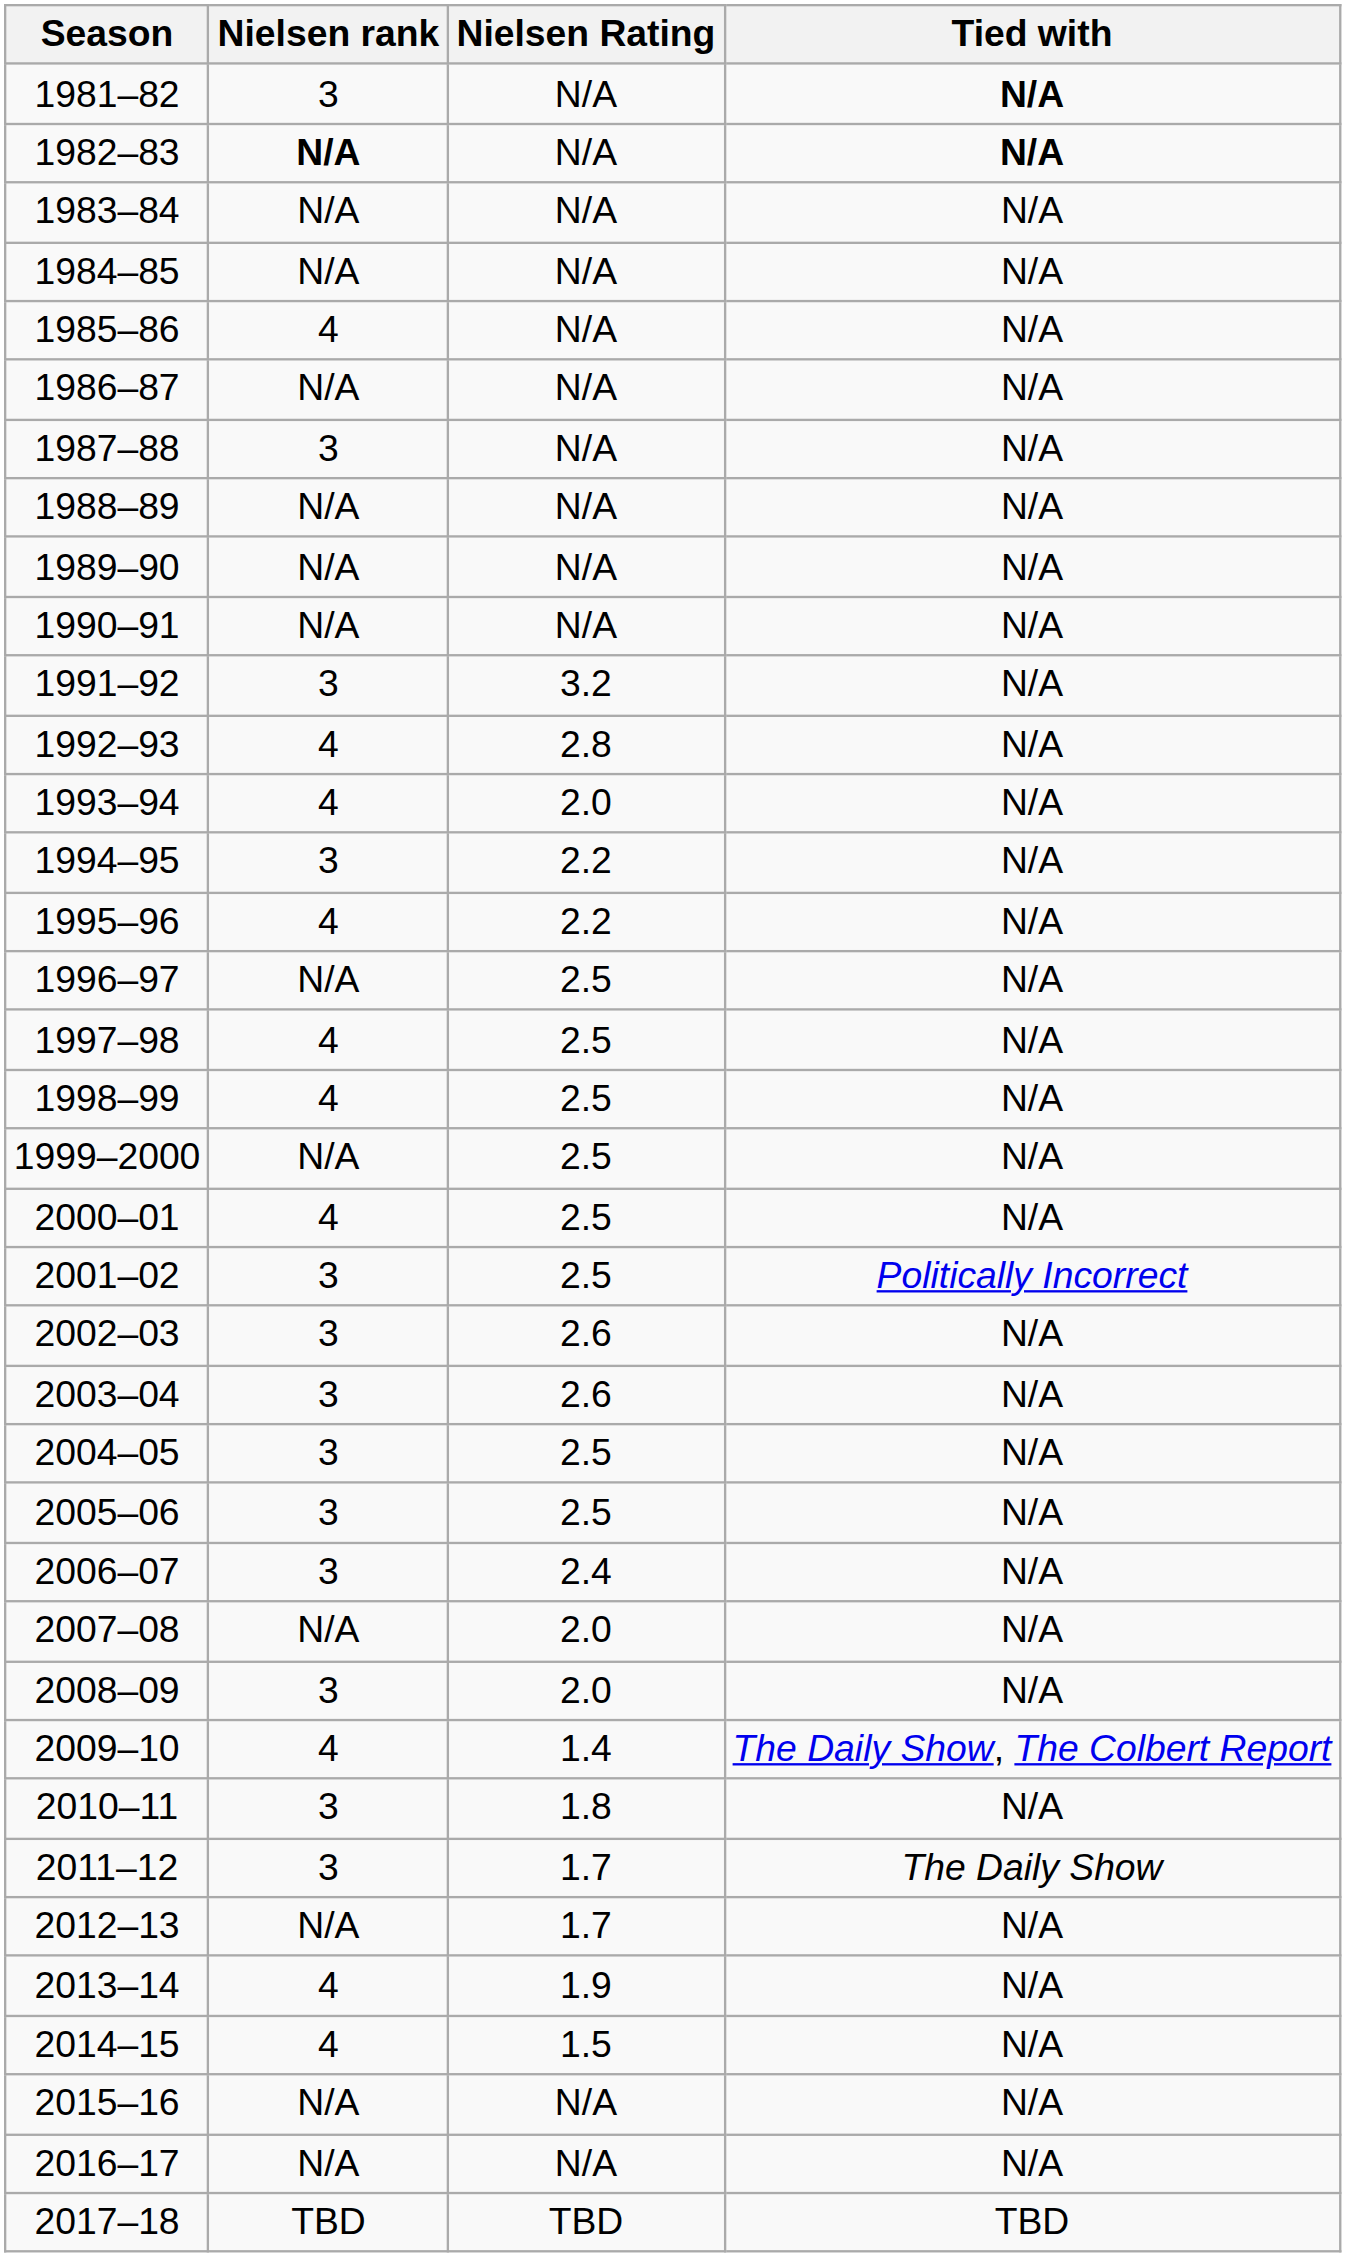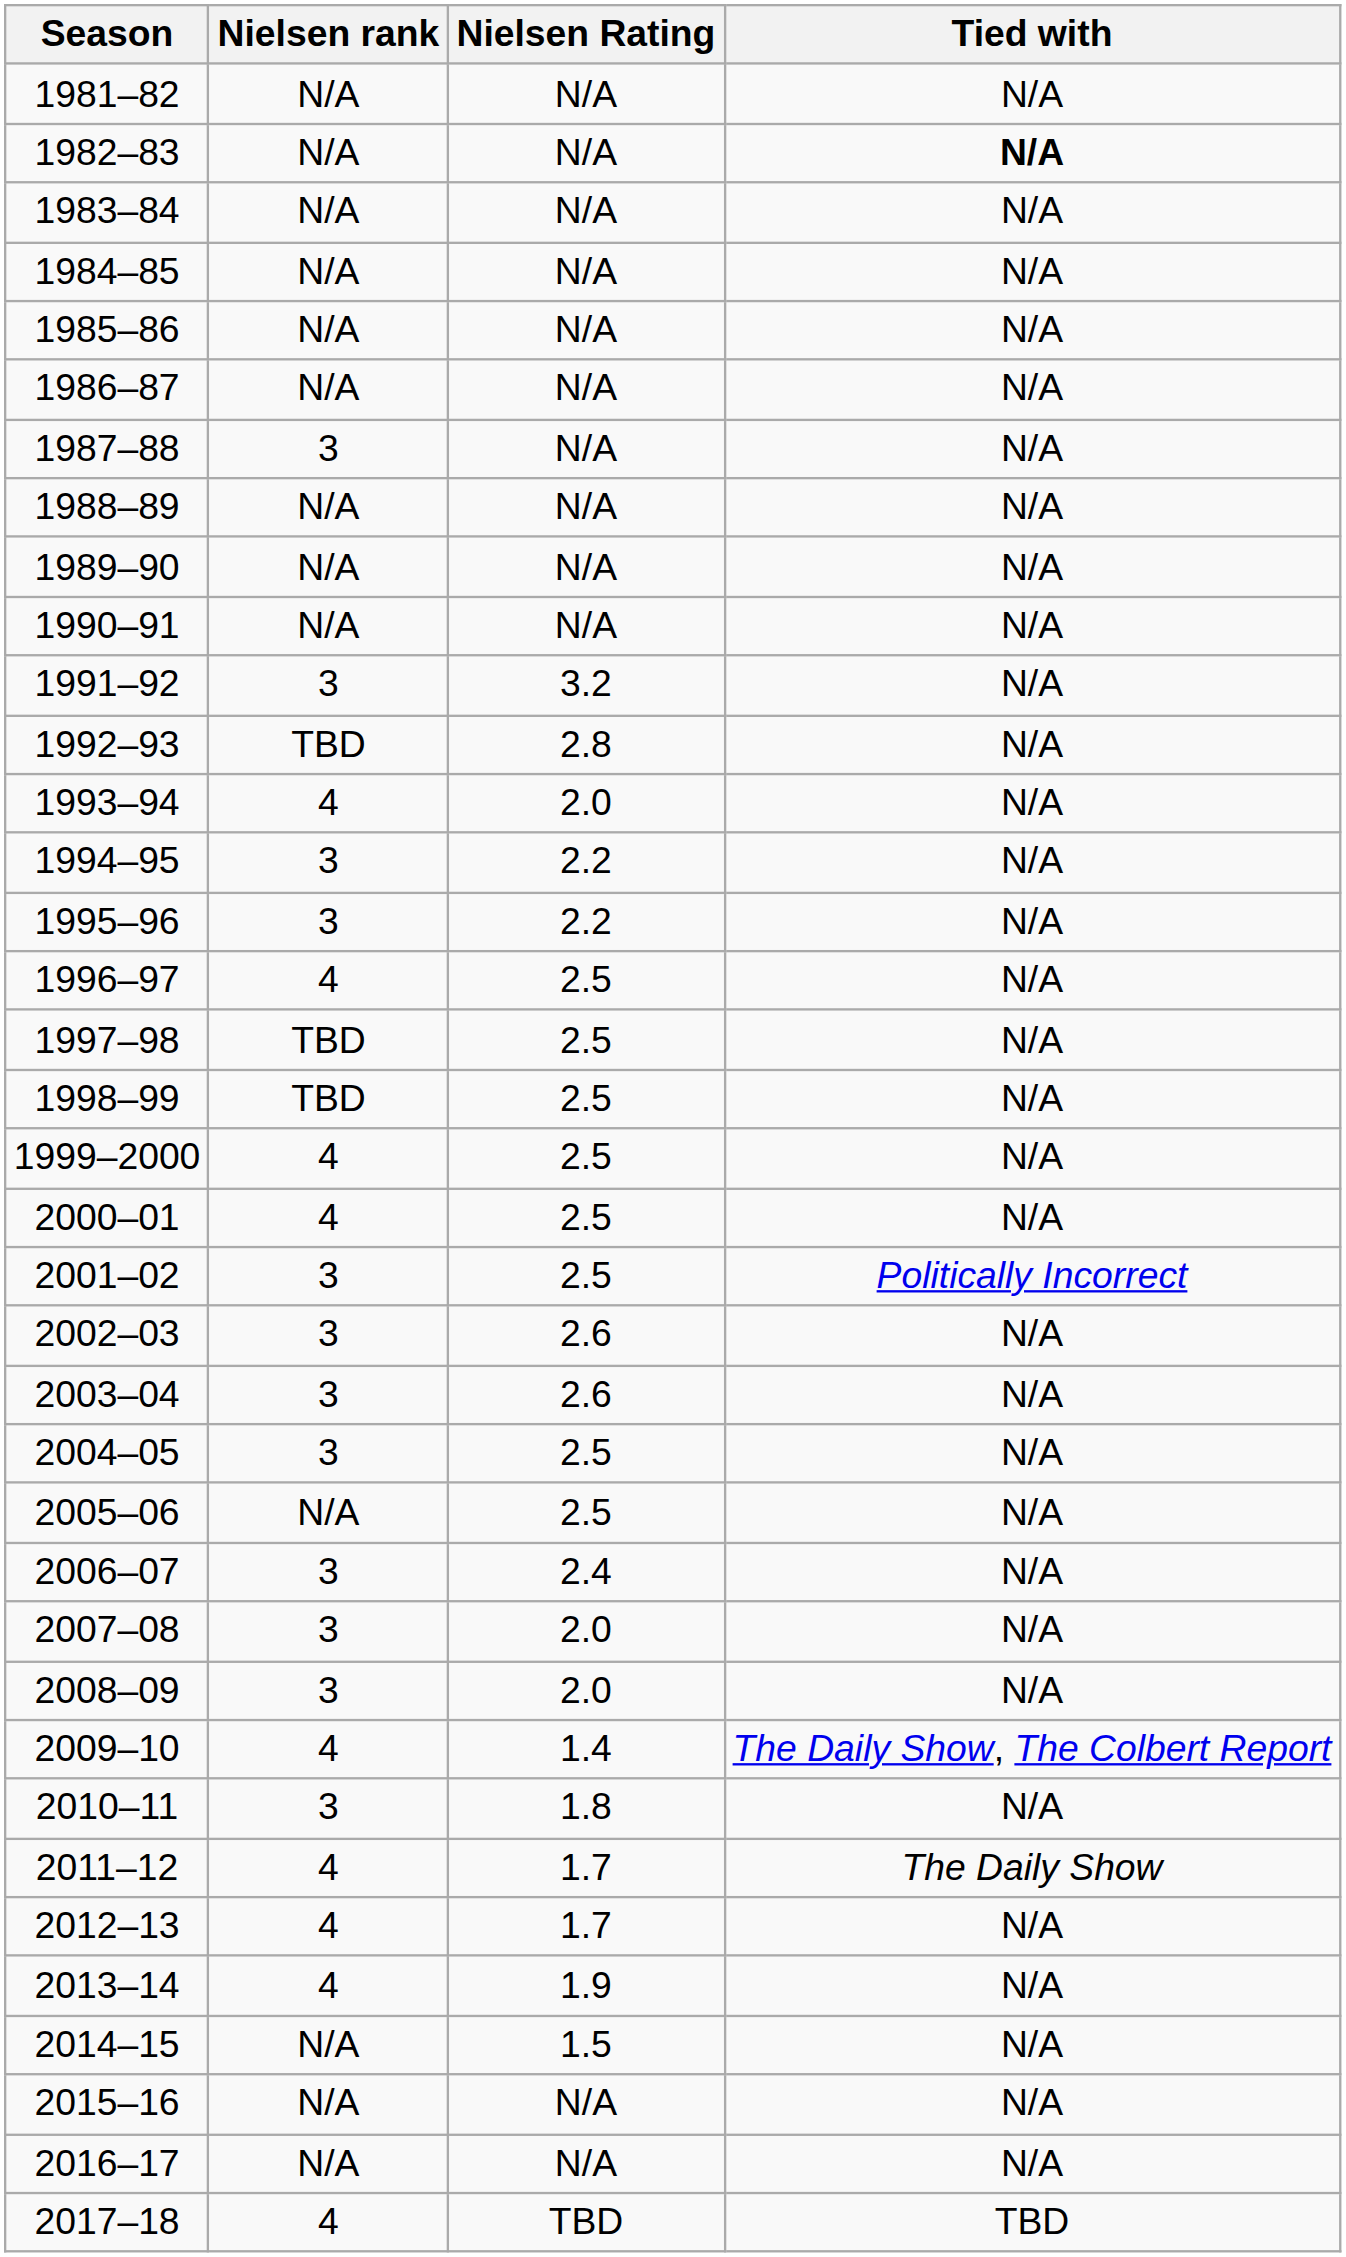 <table class="wikitable" style="text-align: center">
 <tr>
 <th>Season</th>
 <th>Nielsen rank</th>
 <th>Nielsen Rating</th>
 <th>Tied with</th>
 </tr>
 <tr>
 <td style="text-align:center">1981–82</td>
-<td style="text-align:center:">3</td>
+<td style="text-align:center:">N/A</td>
 <td style="text-align:center">N/A</td>
-<td style="text-align:center"><strong>N/A</strong></td>
+<td style="text-align:center">N/A</td>
 </tr>
 <tr>
 <td style="text-align:center">1982–83</td>
-<td style="text-align:center:"><strong>N/A</strong></td>
+<td style="text-align:center:">N/A</td>
 <td style="text-align:center">N/A</td>
 <td style="text-align:center"><strong>N/A</strong></td>
 </tr>
 <tr>
 <td style="text-align:center">1983–84</td>
 <td style="text-align:center:">N/A</td>
 <td style="text-align:center">N/A</td>
 <td style="text-align:center">N/A</td>
 </tr>
 <tr>
 <td style="text-align:center">1984–85</td>
 <td style="text-align:center:">N/A</td>
 <td style="text-align:center">N/A</td>
 <td style="text-align:center">N/A</td>
 </tr>
 <tr>
 <td style="text-align:center">1985–86</td>
-<td style="text-align:center:">4</td>
+<td style="text-align:center:">N/A</td>
 <td style="text-align:center">N/A</td>
 <td style="text-align:center">N/A</td>
 </tr>
 <tr>
 <td style="text-align:center">1986–87</td>
 <td style="text-align:center:">N/A</td>
 <td style="text-align:center">N/A</td>
 <td style="text-align:center">N/A</td>
 </tr>
 <tr>
 <td style="text-align:center">1987–88</td>
 <td style="text-align:center:">3</td>
 <td style="text-align:center">N/A</td>
 <td style="text-align:center">N/A</td>
 </tr>
 <tr>
 <td style="text-align:center">1988–89</td>
 <td style="text-align:center:">N/A</td>
 <td style="text-align:center">N/A</td>
 <td style="text-align:center">N/A</td>
 </tr>
 <tr>
 <td style="text-align:center">1989–90</td>
 <td style="text-align:center:">N/A</td>
 <td style="text-align:center">N/A</td>
 <td style="text-align:center">N/A</td>
 </tr>
 <tr>
 <td style="text-align:center">1990–91</td>
 <td style="text-align:center:">N/A</td>
 <td style="text-align:center">N/A</td>
 <td style="text-align:center">N/A</td>
 </tr>
 <tr>
 <td style="text-align:center">1991–92</td>
 <td style="text-align:center:">3</td>
 <td style="text-align:center">3.2</td>
 <td style="text-align:center">N/A</td>
 </tr>
 <tr>
 <td style="text-align:center">1992–93</td>
-<td style="text-align:center:">4</td>
+<td style="text-align:center:">TBD</td>
 <td style="text-align:center">2.8</td>
 <td style="text-align:center">N/A</td>
 </tr>
 <tr>
 <td style="text-align:center">1993–94</td>
 <td style="text-align:center:">4</td>
 <td style="text-align:center">2.0</td>
 <td style="text-align:center">N/A</td>
 </tr>
 <tr>
 <td style="text-align:center">1994–95</td>
 <td style="text-align:center:">3</td>
 <td style="text-align:center">2.2</td>
 <td style="text-align:center">N/A</td>
 </tr>
 <tr>
 <td style="text-align:center">1995–96</td>
-<td style="text-align:center:">4</td>
+<td style="text-align:center:">3</td>
 <td style="text-align:center">2.2</td>
 <td style="text-align:center">N/A</td>
 </tr>
 <tr>
 <td style="text-align:center">1996–97</td>
-<td style="text-align:center:">N/A</td>
+<td style="text-align:center:">4</td>
 <td style="text-align:center">2.5</td>
 <td style="text-align:center">N/A</td>
 </tr>
 <tr>
 <td style="text-align:center">1997–98</td>
-<td style="text-align:center:">4</td>
+<td style="text-align:center:">TBD</td>
 <td style="text-align:center">2.5</td>
 <td style="text-align:center">N/A</td>
 </tr>
 <tr>
 <td style="text-align:center">1998–99</td>
-<td style="text-align:center:">4</td>
+<td style="text-align:center:">TBD</td>
 <td style="text-align:center">2.5</td>
 <td style="text-align:center">N/A</td>
 </tr>
 <tr>
 <td style="text-align:center">1999–2000</td>
-<td style="text-align:center:">N/A</td>
+<td style="text-align:center:">4</td>
 <td style="text-align:center">2.5</td>
 <td style="text-align:center">N/A</td>
 </tr>
 <tr>
 <td style="text-align:center">2000–01</td>
 <td style="text-align:center:">4</td>
 <td style="text-align:center">2.5</td>
 <td style="text-align:center">N/A</td>
 </tr>
 <tr>
 <td style="text-align:center">2001–02</td>
 <td style="text-align:center:">3</td>
 <td style="text-align:center">2.5</td>
 <td style="text-align:center"><em><a href='#'>Politically Incorrect</a></em></td>
 </tr>
 <tr>
 <td style="text-align:center">2002–03</td>
 <td style="text-align:center:">3</td>
 <td style="text-align:center">2.6</td>
 <td style="text-align:center">N/A</td>
 </tr>
 <tr>
 <td style="text-align:center">2003–04</td>
 <td style="text-align:center:">3</td>
 <td style="text-align:center">2.6</td>
 <td style="text-align:center">N/A</td>
 </tr>
 <tr>
 <td style="text-align:center">2004–05</td>
 <td style="text-align:center:">3</td>
 <td style="text-align:center">2.5</td>
 <td style="text-align:center">N/A</td>
 </tr>
 <tr>
 <td style="text-align:center">2005–06</td>
-<td style="text-align:center:">3</td>
+<td style="text-align:center:">N/A</td>
 <td style="text-align:center">2.5</td>
 <td style="text-align:center">N/A</td>
 </tr>
 <tr>
 <td style="text-align:center">2006–07</td>
 <td style="text-align:center:">3</td>
 <td style="text-align:center">2.4</td>
 <td style="text-align:center">N/A</td>
 </tr>
 <tr>
 <td style="text-align:center">2007–08</td>
-<td style="text-align:center:">N/A</td>
+<td style="text-align:center:">3</td>
 <td style="text-align:center">2.0</td>
 <td style="text-align:center">N/A</td>
 </tr>
 <tr>
 <td style="text-align:center">2008–09</td>
 <td style="text-align:center:">3</td>
 <td style="text-align:center">2.0</td>
 <td style="text-align:center">N/A</td>
 </tr>
 <tr>
 <td style="text-align:center">2009–10</td>
 <td style="text-align:center:">4</td>
 <td style="text-align:center">1.4</td>
 <td style="text-align:center"><em><a href='#'>The Daily Show</a></em>, <em><a href='#'>The Colbert Report</a></em></td>
 </tr>
 <tr>
 <td style="text-align:center">2010–11</td>
 <td style="text-align:center:">3</td>
 <td style="text-align:center">1.8</td>
 <td style="text-align:center">N/A</td>
 </tr>
 <tr>
 <td style="text-align:center">2011–12</td>
-<td style="text-align:center:">3</td>
+<td style="text-align:center:">4</td>
 <td style="text-align:center">1.7</td>
 <td style="text-align:center"><em>The Daily Show</em></td>
 </tr>
 <tr>
 <td style="text-align:center">2012–13</td>
-<td style="text-align:center:">N/A</td>
+<td style="text-align:center:">4</td>
 <td style="text-align:center">1.7</td>
 <td style="text-align:center">N/A</td>
 </tr>
 <tr>
 <td style="text-align:center">2013–14</td>
 <td style="text-align:center:">4</td>
 <td style="text-align:center">1.9</td>
 <td style="text-align:center">N/A</td>
 </tr>
 <tr>
 <td style="text-align:center">2014–15</td>
-<td style="text-align:center:">4</td>
+<td style="text-align:center:">N/A</td>
 <td style="text-align:center">1.5</td>
 <td style="text-align:center">N/A</td>
 </tr>
 <tr>
 <td style="text-align:center">2015–16</td>
 <td style="text-align:center:">N/A</td>
 <td style="text-align:center">N/A</td>
 <td style="text-align:center">N/A</td>
 </tr>
 <tr>
 <td style="text-align:center">2016–17</td>
 <td style="text-align:center:">N/A</td>
 <td style="text-align:center">N/A</td>
 <td style="text-align:center">N/A</td>
 </tr>
 <tr>
 <td style="text-align:center">2017–18</td>
-<td style="text-align:center:">TBD</td>
+<td style="text-align:center:">4</td>
 <td style="text-align:center">TBD</td>
 <td style="text-align:center">TBD</td>
 </tr>
 </table>
